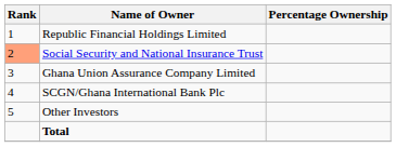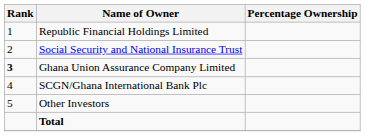 <table class="wikitable sortable" style="margin-left:auto;margin-right:auto">
 <tr>
 <th style="width:2em;">Rank</th>
 <th>Name of Owner</th>
 <th>Percentage Ownership</th>
 </tr>
 <tr>
 <td>1</td>
 <td>Republic Financial Holdings Limited</td>
 <td></td>
 </tr>
 <tr>
-<td style="background: lightsalmon;">2</td>
+<td>2</td>
 <td><a href='#'>Social Security and National Insurance Trust</a></td>
 <td></td>
 </tr>
 <tr>
-<td>3</td>
+<td><strong>3</strong></td>
 <td>Ghana Union Assurance Company Limited</td>
 <td></td>
 </tr>
 <tr>
 <td>4</td>
 <td>SCGN/Ghana International Bank Plc</td>
 <td></td>
 </tr>
 <tr>
 <td>5</td>
 <td>Other Investors</td>
 <td></td>
 </tr>
 <tr>
 <td></td>
 <td><strong>Total</strong></td>
 <td></td>
 </tr>
 <tr>
 </tr>
 </table>
